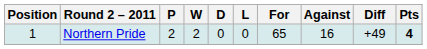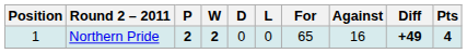 <table class="wikitable" style="text-align:center; font-size:85%;">
 <tr>
 <th width=40 abbr="Position">Position</th>
 <th width=100>Round 2 – 2011</th>
 <th width=20 abbr="Played">P</th>
 <th width=20 abbr="Won">W</th>
 <th width=20 abbr="Drawn">D</th>
 <th width=20 abbr="Lost">L</th>
 <th width=40 abbr="Points for">For</th>
 <th width=40 abbr="Points against">Against</th>
 <th width=40 abbr="Points difference">Diff</th>
 <th width=20 abbr="Points">Pts</th>
 </tr>
 <tr style="background: #d7ebed;">
 <td>1</td>
 <td style="text-align:left;"> <a href='#'>Northern Pride</a></td>
-<td>2</td>
-<td>2</td>
+<td><strong>2</strong></td>
+<td><strong>2</strong></td>
 <td>0</td>
 <td>0</td>
 <td>65</td>
 <td>16</td>
-<td>+49</td>
+<td><strong>+49</strong></td>
 <td><strong>4</strong></td>
 </tr>
 <tr>
 </tr>
 </table>
